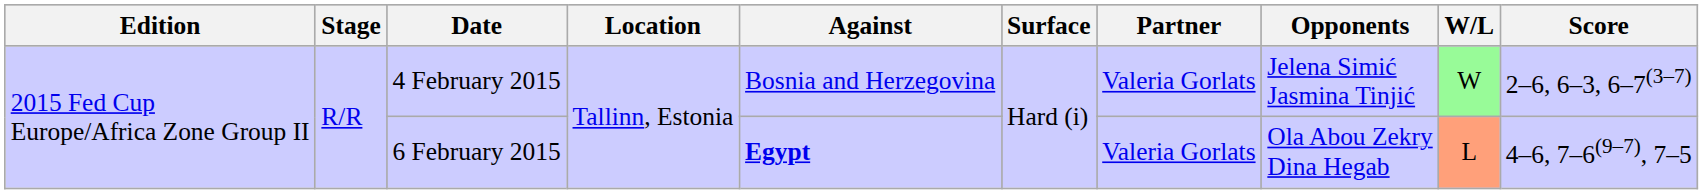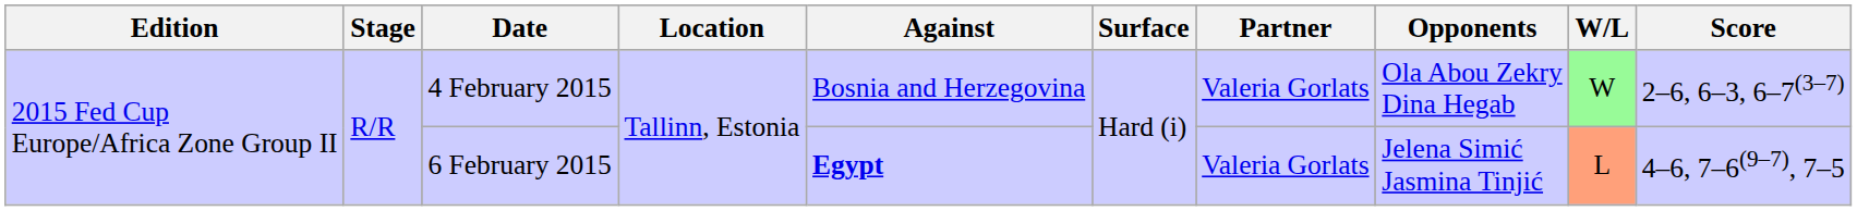 <table class=wikitable style=font-size:97%>
 <tr>
 <th>Edition</th>
 <th>Stage</th>
 <th>Date</th>
 <th>Location</th>
 <th>Against</th>
 <th>Surface</th>
 <th>Partner</th>
 <th>Opponents</th>
 <th>W/L</th>
 <th>Score</th>
 </tr>
 <tr style="background:#ccf;">
 <td rowspan="2"><a href='#'>2015 Fed Cup</a> <br> Europe/Africa Zone Group II</td>
 <td rowspan="2"><a href='#'>R/R</a></td>
 <td>4 February 2015</td>
 <td rowspan="2"><a href='#'>Tallinn</a>, Estonia</td>
 <td> <a href='#'>Bosnia and Herzegovina</a></td>
 <td rowspan="2">Hard (i)</td>
 <td> <a href='#'>Valeria Gorlats</a></td>
-<td> <a href='#'>Jelena Simić</a> <br>  <a href='#'>Jasmina Tinjić</a></td>
+<td> <a href='#'>Ola Abou Zekry</a> <br>  <a href='#'>Dina Hegab</a></td>
 <td style="text-align:center; background:#98fb98;">W</td>
 <td>2–6, 6–3, 6–7<sup>(3–7)</sup></td>
 </tr>
 <tr style="background:#ccf;">
 <td>6 February 2015</td>
 <td><strong> <a href='#'>Egypt</a></strong></td>
 <td> <a href='#'>Valeria Gorlats</a></td>
-<td> <a href='#'>Ola Abou Zekry</a> <br>  <a href='#'>Dina Hegab</a></td>
+<td> <a href='#'>Jelena Simić</a> <br>  <a href='#'>Jasmina Tinjić</a></td>
 <td style="text-align:center; background:#ffa07a;">L</td>
 <td>4–6, 7–6<sup>(9–7)</sup>, 7–5</td>
 </tr>
 </table>
